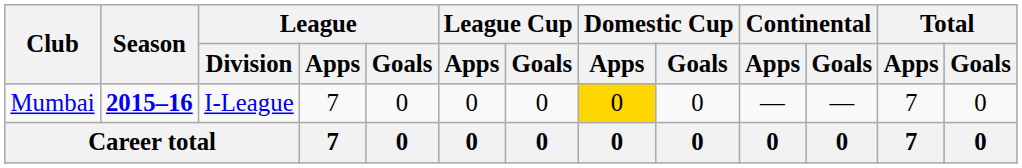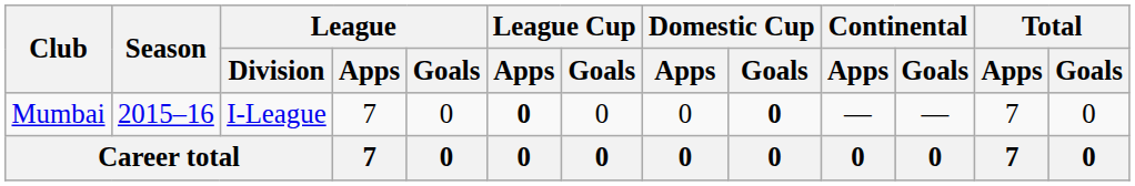 <table class="wikitable" style="text-align: center;">
 <tr>
 <th rowspan="2">Club</th>
 <th rowspan="2">Season</th>
 <th colspan="3">League</th>
 <th colspan="2">League Cup</th>
 <th colspan="2">Domestic Cup</th>
 <th colspan="2">Continental</th>
 <th colspan="2">Total</th>
 </tr>
 <tr>
 <th>Division</th>
 <th>Apps</th>
 <th>Goals</th>
 <th>Apps</th>
 <th>Goals</th>
 <th>Apps</th>
 <th>Goals</th>
 <th>Apps</th>
 <th>Goals</th>
 <th>Apps</th>
 <th>Goals</th>
 </tr>
 <tr>
 <td rowspan="1"><a href='#'>Mumbai</a></td>
-<td><strong><a href='#'>2015–16</a></strong></td>
+<td><a href='#'>2015–16</a></td>
 <td><a href='#'>I-League</a></td>
 <td>7</td>
 <td>0</td>
+<td><strong>0</strong></td>
 <td>0</td>
 <td>0</td>
-<td style="background: gold;">0</td>
-<td>0</td>
+<td><strong>0</strong></td>
 <td>—</td>
 <td>—</td>
 <td>7</td>
 <td>0</td>
 </tr>
 <tr>
 <th colspan="3">Career total</th>
 <th>7</th>
 <th>0</th>
 <th>0</th>
 <th>0</th>
 <th>0</th>
 <th>0</th>
 <th>0</th>
 <th>0</th>
 <th>7</th>
 <th>0</th>
 </tr>
 </table>
